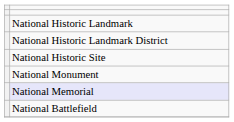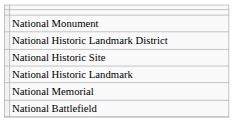 <table class="wikitable collapsible collapsed" border="1" style="float:right;">
 <tr>
 <th></th>
 <td width="320px"></td>
 </tr>
 <tr>
 <th></th>
 <td></td>
 </tr>
 <tr>
 <th></th>
-<td>National Historic Landmark</td>
+<td>National Monument</td>
 </tr>
 <tr>
 <th></th>
 <td>National Historic Landmark District</td>
 </tr>
 <tr>
 <th></th>
 <td>National Historic Site</td>
 </tr>
 <tr>
 <th></th>
-<td>National Monument</td>
+<td>National Historic Landmark</td>
 </tr>
 <tr>
 <th></th>
-<td style="background: lavender;">National Memorial</td>
+<td>National Memorial</td>
 </tr>
 <tr>
 <th></th>
 <td>National Battlefield</td>
 </tr>
 <tr>
 </tr>
 </table>
